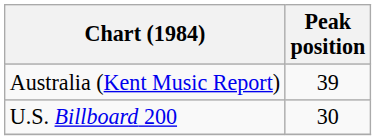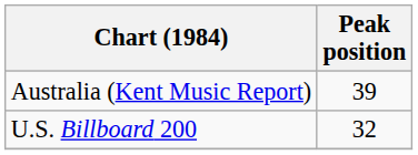 <table class="wikitable">
 <tr>
 <th scope="col">Chart (1984)</th>
 <th>Peak<br>position</th>
 </tr>
 <tr>
 <td>Australia (<a href='#'>Kent Music Report</a>)</td>
 <td style="text-align:center;">39</td>
 </tr>
 <tr>
 <td>U.S. <a href='#'><em>Billboard</em> 200</a></td>
-<td style="text-align:center;">30</td>
+<td style="text-align:center;">32</td>
 </tr>
 <tr>
 </tr>
 </table>
